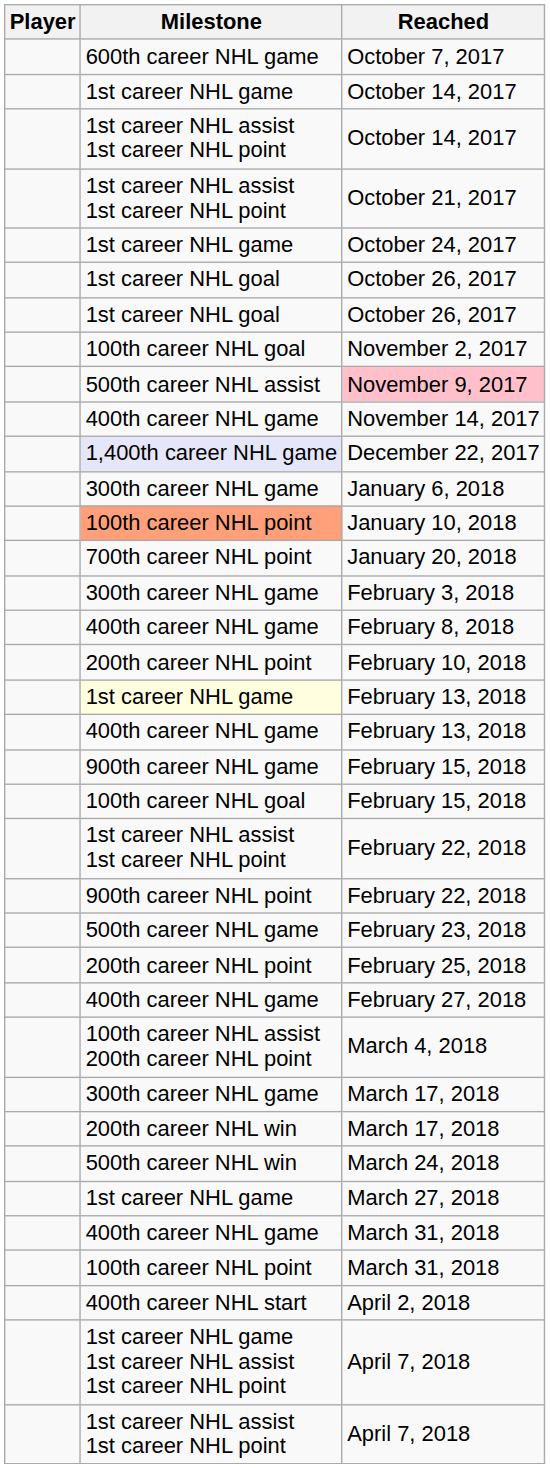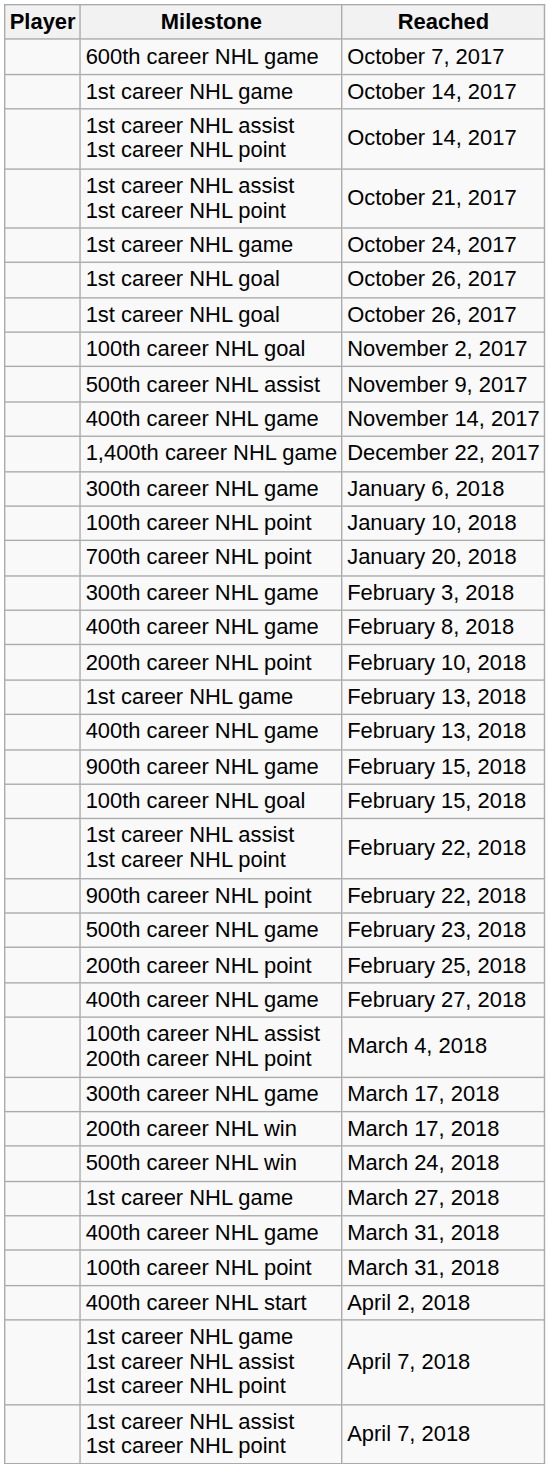 <table class="wikitable sortable">
 <tr align=center>
 <th>Player</th>
 <th>Milestone</th>
 <th data-sort-type="date">Reached</th>
 </tr>
 <tr>
 <td></td>
 <td>600th career NHL game</td>
 <td>October 7, 2017</td>
 </tr>
 <tr>
 <td></td>
 <td>1st career NHL game</td>
 <td>October 14, 2017</td>
 </tr>
 <tr>
 <td></td>
 <td>1st career NHL assist<br>1st career NHL point</td>
 <td>October 14, 2017</td>
 </tr>
 <tr>
 <td></td>
 <td>1st career NHL assist<br>1st career NHL point</td>
 <td>October 21, 2017</td>
 </tr>
 <tr>
 <td></td>
 <td>1st career NHL game</td>
 <td>October 24, 2017</td>
 </tr>
 <tr>
 <td></td>
 <td>1st career NHL goal</td>
 <td>October 26, 2017</td>
 </tr>
 <tr>
 <td></td>
 <td>1st career NHL goal</td>
 <td>October 26, 2017</td>
 </tr>
 <tr>
 <td></td>
 <td>100th career NHL goal</td>
 <td>November 2, 2017</td>
 </tr>
 <tr>
 <td></td>
 <td>500th career NHL assist</td>
-<td style="background: pink;">November 9, 2017</td>
+<td>November 9, 2017</td>
 </tr>
 <tr>
 <td></td>
 <td>400th career NHL game</td>
 <td>November 14, 2017</td>
 </tr>
 <tr>
 <td></td>
-<td style="background: lavender;">1,400th career NHL game</td>
+<td>1,400th career NHL game</td>
 <td>December 22, 2017</td>
 </tr>
 <tr>
 <td></td>
 <td>300th career NHL game</td>
 <td>January 6, 2018</td>
 </tr>
 <tr>
 <td></td>
-<td style="background: lightsalmon;">100th career NHL point</td>
+<td>100th career NHL point</td>
 <td>January 10, 2018</td>
 </tr>
 <tr>
 <td></td>
 <td>700th career NHL point</td>
 <td>January 20, 2018</td>
 </tr>
 <tr>
 <td></td>
 <td>300th career NHL game</td>
 <td>February 3, 2018</td>
 </tr>
 <tr>
 <td></td>
 <td>400th career NHL game</td>
 <td>February 8, 2018</td>
 </tr>
 <tr>
 <td></td>
 <td>200th career NHL point</td>
 <td>February 10, 2018</td>
 </tr>
 <tr>
 <td></td>
-<td style="background: lightyellow;">1st career NHL game</td>
+<td>1st career NHL game</td>
 <td>February 13, 2018</td>
 </tr>
 <tr>
 <td></td>
 <td>400th career NHL game</td>
 <td>February 13, 2018</td>
 </tr>
 <tr>
 <td></td>
 <td>900th career NHL game</td>
 <td>February 15, 2018</td>
 </tr>
 <tr>
 <td></td>
 <td>100th career NHL goal</td>
 <td>February 15, 2018</td>
 </tr>
 <tr>
 <td></td>
 <td>1st career NHL assist<br>1st career NHL point</td>
 <td>February 22, 2018</td>
 </tr>
 <tr>
 <td></td>
 <td>900th career NHL point</td>
 <td>February 22, 2018</td>
 </tr>
 <tr>
 <td></td>
 <td>500th career NHL game</td>
 <td>February 23, 2018</td>
 </tr>
 <tr>
 <td></td>
 <td>200th career NHL point</td>
 <td>February 25, 2018</td>
 </tr>
 <tr>
 <td></td>
 <td>400th career NHL game</td>
 <td>February 27, 2018</td>
 </tr>
 <tr>
 <td></td>
 <td>100th career NHL assist<br>200th career NHL point</td>
 <td>March 4, 2018</td>
 </tr>
 <tr>
 <td></td>
 <td>300th career NHL game</td>
 <td>March 17, 2018</td>
 </tr>
 <tr>
 <td></td>
 <td>200th career NHL win</td>
 <td>March 17, 2018</td>
 </tr>
 <tr>
 <td></td>
 <td>500th career NHL win</td>
 <td>March 24, 2018</td>
 </tr>
 <tr>
 <td></td>
 <td>1st career NHL game</td>
 <td>March 27, 2018</td>
 </tr>
 <tr>
 <td></td>
 <td>400th career NHL game</td>
 <td>March 31, 2018</td>
 </tr>
 <tr>
 <td></td>
 <td>100th career NHL point</td>
 <td>March 31, 2018</td>
 </tr>
 <tr>
 <td></td>
 <td>400th career NHL start</td>
 <td>April 2, 2018</td>
 </tr>
 <tr>
 <td></td>
 <td>1st career NHL game<br>1st career NHL assist<br>1st career NHL point</td>
 <td>April 7, 2018</td>
 </tr>
 <tr>
 <td></td>
 <td>1st career NHL assist<br>1st career NHL point</td>
 <td>April 7, 2018</td>
 </tr>
 <tr>
 </tr>
 </table>
